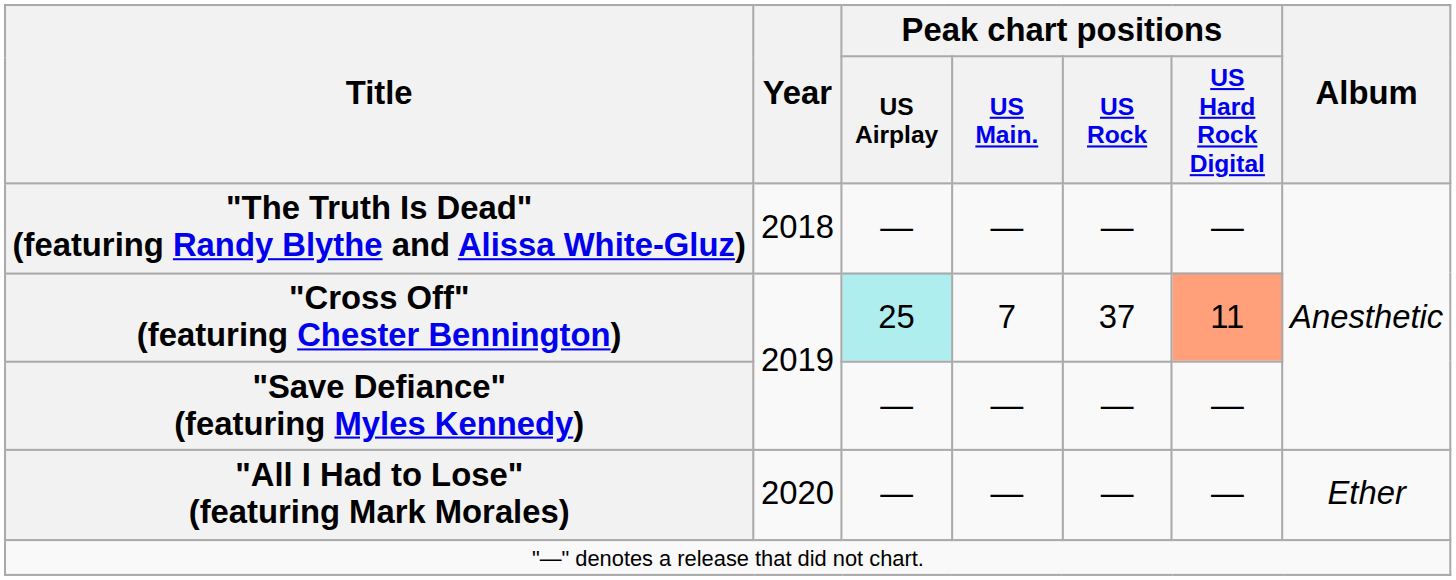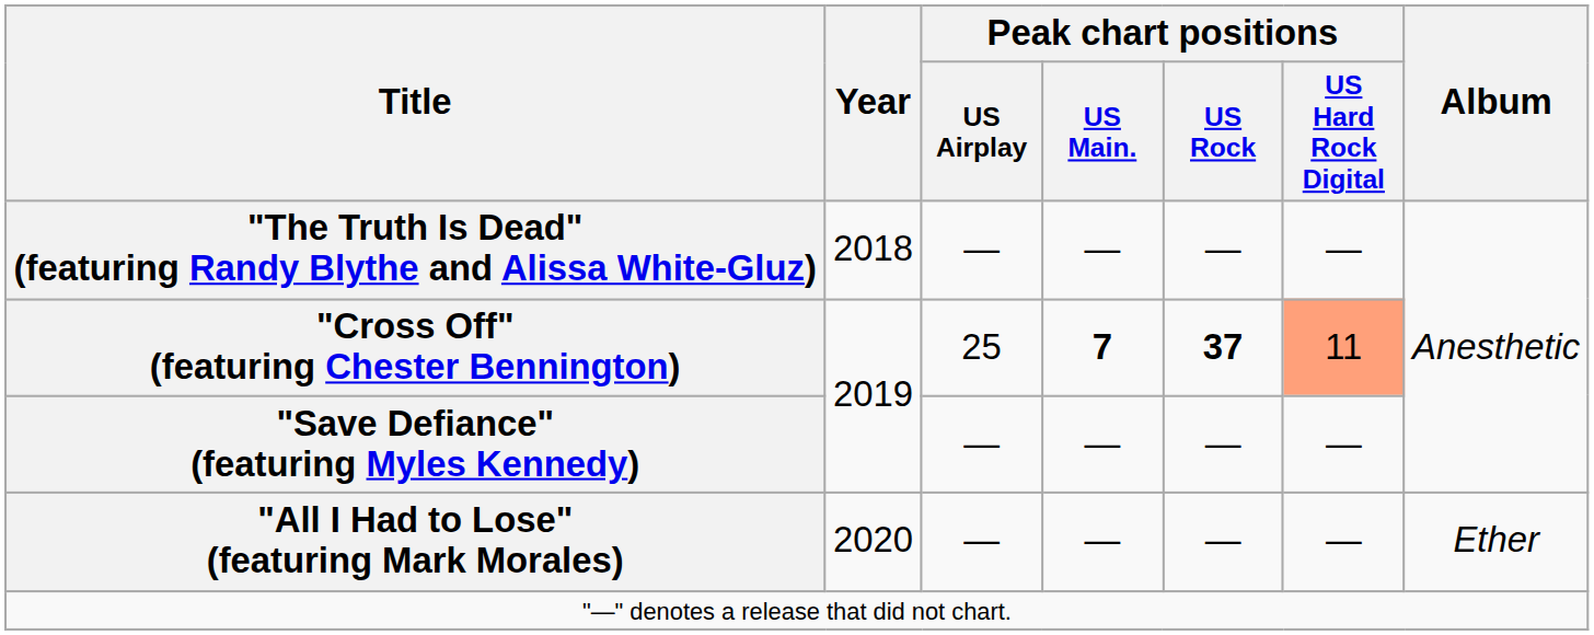 <table class="wikitable plainrowheaders" style="text-align:center;">
 <tr>
 <th scope="col" rowspan="2">Title</th>
 <th scope="col" rowspan="2">Year</th>
 <th colspan="4" scope="col">Peak chart positions</th>
 <th scope="col" rowspan="2">Album</th>
 </tr>
 <tr>
 <th style="width:4em;font-size:75%">US<br>Airplay<br></th>
 <th style="width:4em;font-size:75%"><a href='#'>US<br>Main.</a><br></th>
 <th style="width:4em;font-size:75%"><a href='#'>US<br>Rock</a><br></th>
 <th style="width:4em;font-size:75%"><a href='#'>US<br>Hard Rock<br>Digital</a><br></th>
 </tr>
 <tr>
 <th scope="row">"The Truth Is Dead"<br><span>(featuring <a href='#'>Randy Blythe</a> and <a href='#'>Alissa White-Gluz</a>)</span></th>
 <td>2018</td>
 <td>—</td>
 <td>—</td>
 <td>—</td>
 <td>—</td>
 <td rowspan="3"><em>Anesthetic</em></td>
 </tr>
 <tr>
 <th scope="row">"Cross Off"<br><span>(featuring <a href='#'>Chester Bennington</a>)</span></th>
 <td rowspan="2">2019</td>
-<td style="background: paleturquoise;">25</td>
-<td>7</td>
-<td>37</td>
+<td>25</td>
+<td><strong>7</strong></td>
+<td><strong>37</strong></td>
 <td style="background: lightsalmon;">11</td>
 </tr>
 <tr>
 <th scope="row">"Save Defiance"<br><span>(featuring <a href='#'>Myles Kennedy</a>)</span></th>
 <td>—</td>
 <td>—</td>
 <td>—</td>
 <td>—</td>
 </tr>
 <tr>
 <th scope="row">"All I Had to Lose"<br><span>(featuring Mark Morales)</span></th>
 <td>2020</td>
 <td>—</td>
 <td>—</td>
 <td>—</td>
 <td>—</td>
 <td><em>Ether</em></td>
 </tr>
 <tr>
 <td colspan="7" style="font-size:8pt;">"—" denotes a release that did not chart.</td>
 </tr>
 </table>
